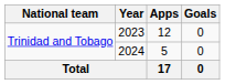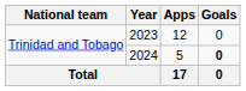 <table class="wikitable" style="text-align:center">
 <tr>
 <th>National team</th>
 <th>Year</th>
 <th>Apps</th>
 <th>Goals</th>
 </tr>
 <tr>
 <td rowspan="2"><a href='#'>Trinidad and Tobago</a></td>
 <td>2023</td>
 <td>12</td>
 <td>0</td>
 </tr>
 <tr>
 <td>2024</td>
 <td>5</td>
-<td>0</td>
+<td><strong>0</strong></td>
 </tr>
 <tr>
 <th colspan=2>Total</th>
 <th>17</th>
 <th>0</th>
 </tr>
 </table>
